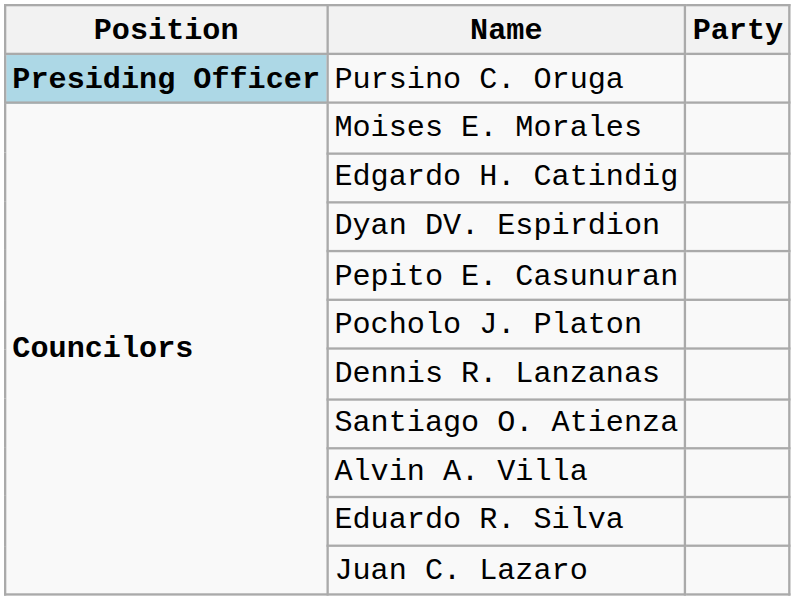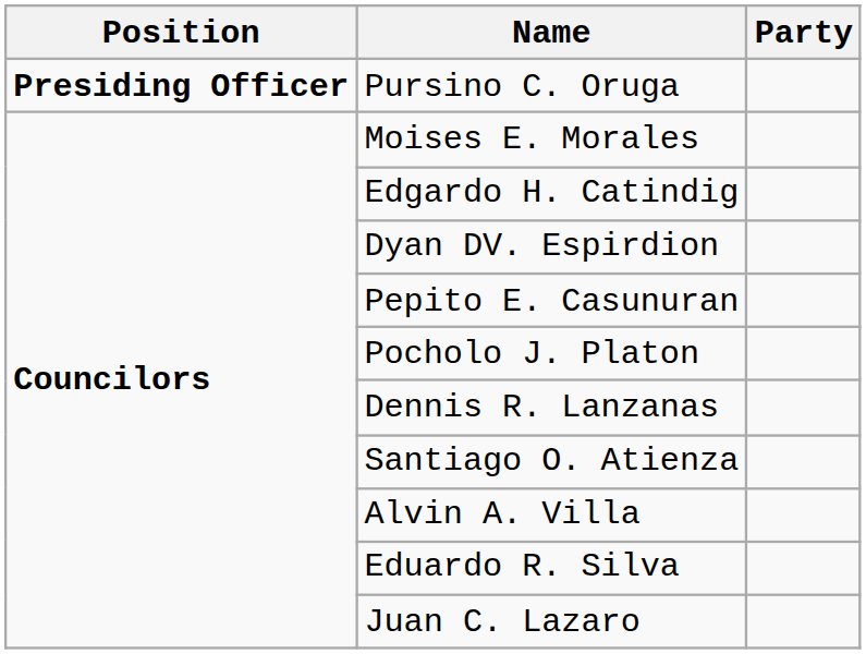 <table class=wikitable>
 <tr>
 <th>Position</th>
 <th>Name</th>
 <th colspan=2>Party</th>
 </tr>
 <tr>
-<td style="background: lightblue;"><strong>Presiding Officer</strong></td>
+<td><strong>Presiding Officer</strong></td>
 <td>Pursino C. Oruga</td>
 <td></td>
 </tr>
 <tr>
 <td rowspan=10><strong>Councilors</strong></td>
 <td>Moises E. Morales</td>
 <td></td>
 </tr>
 <tr>
 <td>Edgardo H. Catindig</td>
 <td></td>
 </tr>
 <tr>
 <td>Dyan DV. Espirdion</td>
 <td></td>
 </tr>
 <tr>
 <td>Pepito E. Casunuran</td>
 <td></td>
 </tr>
 <tr>
 <td>Pocholo J. Platon</td>
 <td></td>
 </tr>
 <tr>
 <td>Dennis R. Lanzanas</td>
 <td></td>
 </tr>
 <tr>
 <td>Santiago O. Atienza</td>
 <td></td>
 </tr>
 <tr>
 <td>Alvin A. Villa</td>
 <td></td>
 </tr>
 <tr>
 <td>Eduardo R. Silva</td>
 <td></td>
 </tr>
 <tr>
 <td>Juan C. Lazaro</td>
 <td></td>
 </tr>
 </table>
